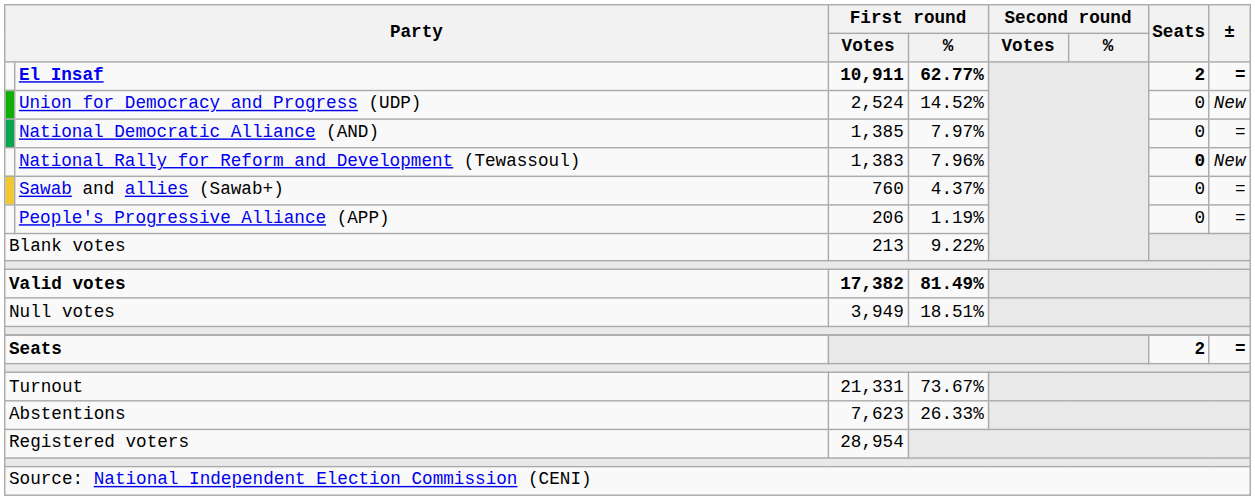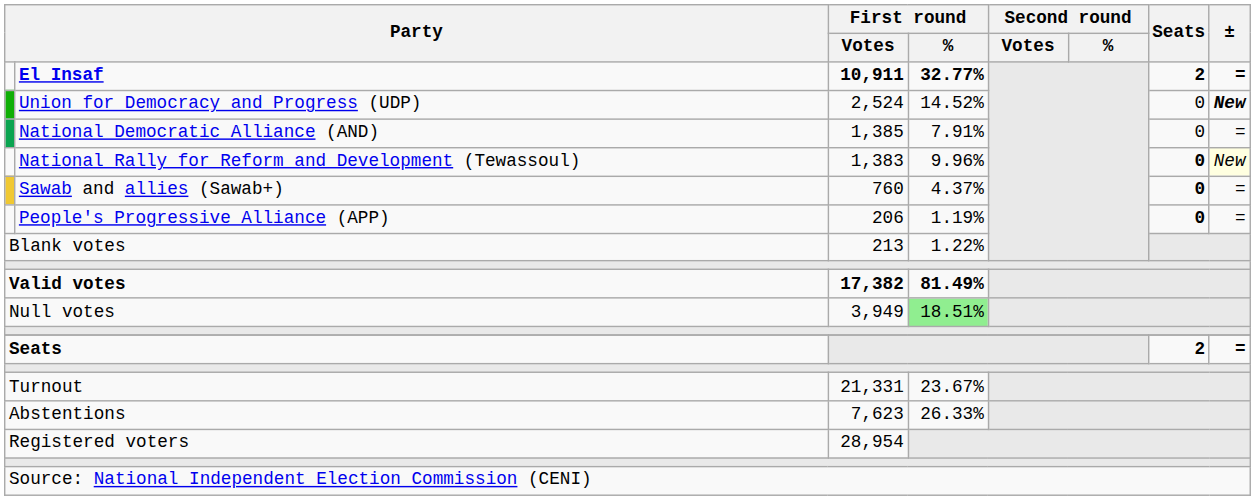 <table class="wikitable" style="text-align:right;font-size:95%;">
 <tr>
 <th rowspan="2" colspan="2" width="700">Party</th>
 <th colspan="2">First round</th>
 <th colspan="2">Second round</th>
 <th rowspan="2" width="25">Seats</th>
 <th rowspan="2" width="20">±</th>
 </tr>
 <tr>
 <th width="50">Votes</th>
 <th width="50">%</th>
 <th width="50">Votes</th>
 <th width="50">%</th>
 </tr>
 <tr>
 <td width="1" style="color:inherit;background:"></td>
 <td style="text-align:left;"><strong><a href='#'>El Insaf</a></strong></td>
 <td><strong>10,911</strong></td>
-<td><strong>62.77%</strong></td>
+<td><strong>32.77%</strong></td>
 <td colspan="2" rowspan="7" style="background:#E9E9E9;"></td>
 <td><strong>2</strong></td>
 <td><strong>=</strong></td>
 </tr>
 <tr>
 <td width="1" style="color:inherit;background:#0FAF05;"></td>
 <td style="text-align:left;"><a href='#'>Union for Democracy and Progress</a> (UDP)</td>
 <td>2,524</td>
 <td>14.52%</td>
 <td>0</td>
-<td><em>New</em></td>
+<td><strong><em>New</em></strong></td>
 </tr>
 <tr>
 <td width="1" style="color:inherit;background:#0AA450;"></td>
 <td style="text-align:left;"><a href='#'>National Democratic Alliance</a> (AND)</td>
 <td>1,385</td>
-<td>7.97%</td>
+<td>7.91%</td>
 <td>0</td>
 <td>=</td>
 </tr>
 <tr>
 <td width="1" style="color:inherit;background:"></td>
 <td style="text-align:left;"><a href='#'>National Rally for Reform and Development</a> (Tewassoul)</td>
 <td>1,383</td>
-<td>7.96%</td>
+<td>9.96%</td>
 <td><strong>0</strong></td>
-<td><em>New</em></td>
+<td style="background: lightyellow;"><em>New</em></td>
 </tr>
 <tr>
 <td width="1" style="color:inherit;background:#F0C832;"></td>
 <td style="text-align:left;"><a href='#'>Sawab</a> and <a href='#'>allies</a> (Sawab+)</td>
 <td>760</td>
 <td>4.37%</td>
-<td>0</td>
+<td><strong>0</strong></td>
 <td>=</td>
 </tr>
 <tr>
 <td width="1" style="color:inherit;background:"></td>
 <td style="text-align:left;"><a href='#'>People's Progressive Alliance</a> (APP)</td>
 <td>206</td>
 <td>1.19%</td>
-<td>0</td>
+<td><strong>0</strong></td>
 <td>=</td>
 </tr>
 <tr>
 <td colspan="2" style="text-align:left;">Blank votes</td>
 <td>213</td>
-<td>9.22%</td>
+<td>1.22%</td>
 <td colspan="4" style="background:#E9E9E9;"></td>
 </tr>
 <tr>
 <td colspan="8" style="background:#E9E9E9;"></td>
 </tr>
 <tr style="font-weight:bold;">
 <td colspan="2" style="text-align:left;">Valid votes</td>
 <td>17,382</td>
 <td>81.49%</td>
 <td colspan="4" style="background:#E9E9E9;"></td>
 </tr>
 <tr>
 <td colspan="2" style="text-align:left;">Null votes</td>
 <td>3,949</td>
-<td>18.51%</td>
+<td style="background: lightgreen;">18.51%</td>
 <td colspan="4" style="background:#E9E9E9;"></td>
 </tr>
 <tr>
 <td colspan="8" style="background:#E9E9E9;"></td>
 </tr>
 <tr>
 </tr>
 <tr style="font-weight:bold;">
 <td colspan="2" style="text-align:left;">Seats</td>
 <td colspan="4" style="background:#E9E9E9;"></td>
 <td>2</td>
 <td>=</td>
 </tr>
 <tr>
 <td colspan="8" style="background:#E9E9E9;"></td>
 </tr>
 <tr>
 <td colspan="2" style="text-align:left;">Turnout</td>
 <td>21,331</td>
-<td>73.67%</td>
+<td>23.67%</td>
 <td colspan="4" style="background:#E9E9E9;"></td>
 </tr>
 <tr>
 <td colspan="2" style="text-align:left;">Abstentions</td>
 <td>7,623</td>
 <td>26.33%</td>
 <td colspan="4" style="background:#E9E9E9;"></td>
 </tr>
 <tr>
 <td colspan="2" style="text-align:left;">Registered voters</td>
 <td>28,954</td>
 <td colspan="5" style="background:#E9E9E9;"></td>
 </tr>
 <tr>
 <td colspan="8" style="background:#E9E9E9;"></td>
 </tr>
 <tr>
 <td colspan="8" style="text-align:left;">Source: <a href='#'>National Independent Election Commission</a> (CENI)</td>
 </tr>
 </table>
